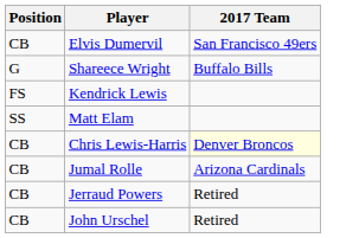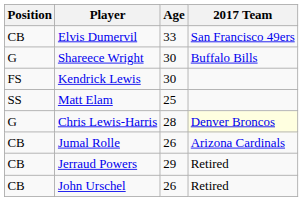 <table class="wikitable" style="font-size: 95%; text-align: left">
 <tr>
 <th>Position</th>
 <th>Player</th>
+<th>Age</th>
 <th>2017 Team</th>
 </tr>
 <tr>
 <td>CB</td>
 <td><a href='#'>Elvis Dumervil</a></td>
+<td>33</td>
 <td><a href='#'>San Francisco 49ers</a></td>
 </tr>
 <tr>
 <td>G</td>
 <td><a href='#'>Shareece Wright</a></td>
+<td>30</td>
 <td><a href='#'>Buffalo Bills</a></td>
 </tr>
 <tr>
 <td>FS</td>
 <td><a href='#'>Kendrick Lewis</a></td>
+<td>30</td>
 <td></td>
 </tr>
 <tr>
 <td>SS</td>
 <td><a href='#'>Matt Elam</a></td>
+<td>25</td>
 <td></td>
 </tr>
 <tr>
-<td>CB</td>
+<td>G</td>
 <td><a href='#'>Chris Lewis-Harris</a></td>
+<td>28</td>
 <td style="background: lightyellow;"><a href='#'>Denver Broncos</a></td>
 </tr>
 <tr>
 <td>CB</td>
 <td><a href='#'>Jumal Rolle</a></td>
+<td>26</td>
 <td><a href='#'>Arizona Cardinals</a></td>
 </tr>
 <tr>
 <td>CB</td>
 <td><a href='#'>Jerraud Powers</a></td>
+<td>29</td>
 <td>Retired</td>
 </tr>
 <tr>
 <td>CB</td>
 <td><a href='#'>John Urschel</a></td>
+<td>26</td>
 <td>Retired</td>
 </tr>
 </table>
